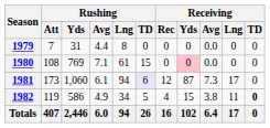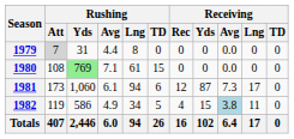 <table class=wikitable style="text-align:center;">
 <tr>
 <th rowspan="2">Season</th>
 <th colspan="5">Rushing</th>
 <th colspan="5">Receiving</th>
 </tr>
 <tr>
 <th>Att</th>
 <th>Yds</th>
 <th>Avg</th>
 <th>Lng</th>
 <th>TD</th>
 <th>Rec</th>
 <th>Yds</th>
 <th>Avg</th>
 <th>Lng</th>
 <th>TD</th>
 </tr>
 <tr>
 <th><a href='#'>1979</a></th>
-<td>7</td>
+<td style="background: lightgrey;">7</td>
 <td>31</td>
 <td>4.4</td>
 <td>8</td>
 <td>0</td>
 <td>0</td>
 <td>0</td>
 <td>0.0</td>
 <td>0</td>
 <td>0</td>
 </tr>
 <tr>
 <th><a href='#'>1980</a></th>
 <td>108</td>
-<td>769</td>
+<td style="background: lightgreen;">769</td>
 <td>7.1</td>
 <td>61</td>
 <td>15</td>
 <td>0</td>
-<td style="background: pink;">0</td>
+<td>0</td>
 <td>0.0</td>
 <td>0</td>
 <td>0</td>
 </tr>
 <tr>
 <th><a href='#'>1981</a></th>
 <td>173</td>
 <td>1,060</td>
 <td>6.1</td>
 <td>94</td>
-<td style="background: lavender;">6</td>
+<td>6</td>
 <td>12</td>
 <td>87</td>
 <td>7.3</td>
 <td>17</td>
 <td>0</td>
 </tr>
 <tr>
 <th><a href='#'>1982</a></th>
 <td>119</td>
 <td>586</td>
 <td>4.9</td>
 <td>34</td>
 <td>5</td>
 <td>4</td>
 <td>15</td>
-<td>3.8</td>
+<td style="background: lightblue;">3.8</td>
 <td>11</td>
-<td><strong>0</strong></td>
+<td>0</td>
 </tr>
 <tr>
 <th>Totals</th>
 <th>407</th>
 <th>2,446</th>
 <th>6.0</th>
 <th>94</th>
 <th>26</th>
 <th>16</th>
 <th>102</th>
 <th>6.4</th>
 <th>17</th>
 <th>0</th>
 </tr>
 </table>
